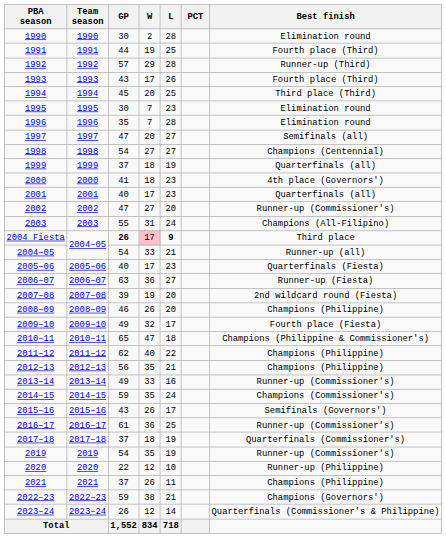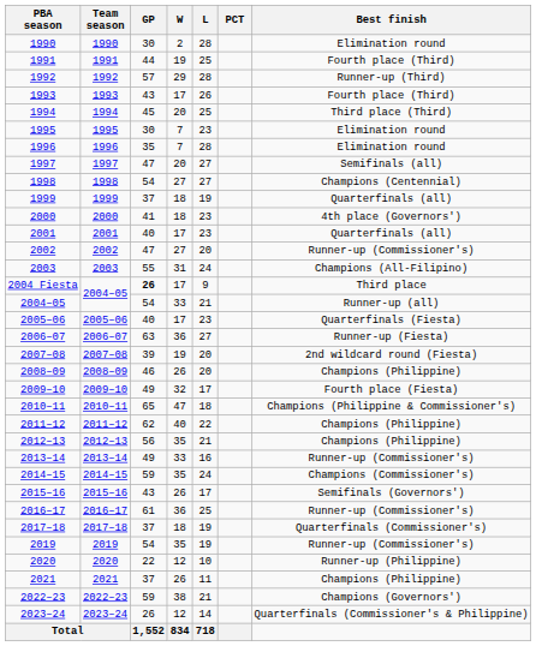 <table class=wikitable style="text-align:center;">
 <tr>
 <th>PBA <br>season</th>
 <th>Team<br>season</th>
 <th width=25>GP</th>
 <th width=25>W</th>
 <th width=25>L</th>
 <th width=35>PCT</th>
 <th>Best finish</th>
 </tr>
 <tr>
 <td><a href='#'>1990</a></td>
 <td><a href='#'>1990</a></td>
 <td>30</td>
 <td>2</td>
 <td>28</td>
 <td></td>
 <td>Elimination round</td>
 </tr>
 <tr>
 <td><a href='#'>1991</a></td>
 <td><a href='#'>1991</a></td>
 <td>44</td>
 <td>19</td>
 <td>25</td>
 <td></td>
 <td>Fourth place (Third)</td>
 </tr>
 <tr>
 <td><a href='#'>1992</a></td>
 <td><a href='#'>1992</a></td>
 <td>57</td>
 <td>29</td>
 <td>28</td>
 <td></td>
 <td>Runner-up (Third)</td>
 </tr>
 <tr>
 <td><a href='#'>1993</a></td>
 <td><a href='#'>1993</a></td>
 <td>43</td>
 <td>17</td>
 <td>26</td>
 <td></td>
 <td>Fourth place (Third)</td>
 </tr>
 <tr>
 <td><a href='#'>1994</a></td>
 <td><a href='#'>1994</a></td>
 <td>45</td>
 <td>20</td>
 <td>25</td>
 <td></td>
 <td>Third place (Third)</td>
 </tr>
 <tr>
 <td><a href='#'>1995</a></td>
 <td><a href='#'>1995</a></td>
 <td>30</td>
 <td>7</td>
 <td>23</td>
 <td></td>
 <td>Elimination round</td>
 </tr>
 <tr>
 <td><a href='#'>1996</a></td>
 <td><a href='#'>1996</a></td>
 <td>35</td>
 <td>7</td>
 <td>28</td>
 <td></td>
 <td>Elimination round</td>
 </tr>
 <tr>
 <td><a href='#'>1997</a></td>
 <td><a href='#'>1997</a></td>
 <td>47</td>
 <td>20</td>
 <td>27</td>
 <td></td>
 <td>Semifinals (all)</td>
 </tr>
 <tr>
 <td><a href='#'>1998</a></td>
 <td><a href='#'>1998</a></td>
 <td>54</td>
 <td>27</td>
 <td>27</td>
 <td></td>
 <td>Champions (Centennial)</td>
 </tr>
 <tr>
 <td><a href='#'>1999</a></td>
 <td><a href='#'>1999</a></td>
 <td>37</td>
 <td>18</td>
 <td>19</td>
 <td></td>
 <td>Quarterfinals (all)</td>
 </tr>
 <tr>
 <td><a href='#'>2000</a></td>
 <td><a href='#'>2000</a></td>
 <td>41</td>
 <td>18</td>
 <td>23</td>
 <td></td>
 <td>4th place (Governors')</td>
 </tr>
 <tr>
 <td><a href='#'>2001</a></td>
 <td><a href='#'>2001</a></td>
 <td>40</td>
 <td>17</td>
 <td>23</td>
 <td></td>
 <td>Quarterfinals (all)</td>
 </tr>
 <tr>
 <td><a href='#'>2002</a></td>
 <td><a href='#'>2002</a></td>
 <td>47</td>
 <td>27</td>
 <td>20</td>
 <td></td>
 <td>Runner-up (Commissioner's)</td>
 </tr>
 <tr>
 <td><a href='#'>2003</a></td>
 <td><a href='#'>2003</a></td>
 <td>55</td>
 <td>31</td>
 <td>24</td>
 <td></td>
 <td>Champions (All-Filipino)</td>
 </tr>
 <tr>
 <td><a href='#'>2004 Fiesta</a></td>
 <td rowspan=2><a href='#'>2004–05</a></td>
 <td><strong>26</strong></td>
-<td style="background: pink;">17</td>
-<td><strong>9</strong></td>
+<td>17</td>
+<td>9</td>
 <td></td>
 <td>Third place</td>
 </tr>
 <tr>
 <td><a href='#'>2004–05</a></td>
 <td>54</td>
 <td>33</td>
 <td>21</td>
 <td></td>
 <td>Runner-up (all)</td>
 </tr>
 <tr>
 <td><a href='#'>2005–06</a></td>
 <td><a href='#'>2005–06</a></td>
 <td>40</td>
 <td>17</td>
 <td>23</td>
 <td></td>
 <td>Quarterfinals (Fiesta)</td>
 </tr>
 <tr>
 <td><a href='#'>2006–07</a></td>
 <td><a href='#'>2006–07</a></td>
 <td>63</td>
 <td>36</td>
 <td>27</td>
 <td></td>
 <td>Runner-up (Fiesta)</td>
 </tr>
 <tr>
 <td><a href='#'>2007–08</a></td>
 <td><a href='#'>2007–08</a></td>
 <td>39</td>
 <td>19</td>
 <td>20</td>
 <td></td>
 <td>2nd wildcard round (Fiesta)</td>
 </tr>
 <tr>
 <td><a href='#'>2008–09</a></td>
 <td><a href='#'>2008–09</a></td>
 <td>46</td>
 <td>26</td>
 <td>20</td>
 <td></td>
 <td>Champions (Philippine)</td>
 </tr>
 <tr>
 <td><a href='#'>2009–10</a></td>
 <td><a href='#'>2009–10</a></td>
 <td>49</td>
 <td>32</td>
 <td>17</td>
 <td></td>
 <td>Fourth place (Fiesta)</td>
 </tr>
 <tr>
 <td><a href='#'>2010–11</a></td>
 <td><a href='#'>2010–11</a></td>
 <td>65</td>
 <td>47</td>
 <td>18</td>
 <td></td>
 <td>Champions (Philippine & Commissioner's)</td>
 </tr>
 <tr>
 <td><a href='#'>2011–12</a></td>
 <td><a href='#'>2011–12</a></td>
 <td>62</td>
 <td>40</td>
 <td>22</td>
 <td></td>
 <td>Champions (Philippine)</td>
 </tr>
 <tr>
 <td><a href='#'>2012–13</a></td>
 <td><a href='#'>2012–13</a></td>
 <td>56</td>
 <td>35</td>
 <td>21</td>
 <td></td>
 <td>Champions (Philippine)</td>
 </tr>
 <tr>
 <td><a href='#'>2013–14</a></td>
 <td><a href='#'>2013–14</a></td>
 <td>49</td>
 <td>33</td>
 <td>16</td>
 <td></td>
 <td>Runner-up (Commissioner's)</td>
 </tr>
 <tr>
 <td><a href='#'>2014–15</a></td>
 <td><a href='#'>2014–15</a></td>
 <td>59</td>
 <td>35</td>
 <td>24</td>
 <td></td>
 <td>Champions (Commissioner's)</td>
 </tr>
 <tr>
 <td><a href='#'>2015–16</a></td>
 <td><a href='#'>2015–16</a></td>
 <td>43</td>
 <td>26</td>
 <td>17</td>
 <td></td>
 <td>Semifinals (Governors')</td>
 </tr>
 <tr>
 <td><a href='#'>2016–17</a></td>
 <td><a href='#'>2016–17</a></td>
 <td>61</td>
 <td>36</td>
 <td>25</td>
 <td></td>
 <td>Runner-up (Commissioner's)</td>
 </tr>
 <tr>
 <td><a href='#'>2017–18</a></td>
 <td><a href='#'>2017–18</a></td>
 <td>37</td>
 <td>18</td>
 <td>19</td>
 <td></td>
 <td>Quarterfinals (Commissioner's)</td>
 </tr>
 <tr>
 <td><a href='#'>2019</a></td>
 <td><a href='#'>2019</a></td>
 <td>54</td>
 <td>35</td>
 <td>19</td>
 <td></td>
 <td>Runner-up (Commissioner's)</td>
 </tr>
 <tr>
 <td><a href='#'>2020</a></td>
 <td><a href='#'>2020</a></td>
 <td>22</td>
 <td>12</td>
 <td>10</td>
 <td></td>
 <td>Runner-up (Philippine)</td>
 </tr>
 <tr>
 <td><a href='#'>2021</a></td>
 <td><a href='#'>2021</a></td>
 <td>37</td>
 <td>26</td>
 <td>11</td>
 <td></td>
 <td>Champions (Philippine)</td>
 </tr>
 <tr>
 <td><a href='#'>2022–23</a></td>
 <td><a href='#'>2022–23</a></td>
 <td>59</td>
 <td>38</td>
 <td>21</td>
 <td></td>
 <td>Champions (Governors')</td>
 </tr>
 <tr>
 <td><a href='#'>2023–24</a></td>
 <td><a href='#'>2023–24</a></td>
 <td>26</td>
 <td>12</td>
 <td>14</td>
 <td></td>
 <td>Quarterfinals (Commissioner's & Philippine)</td>
 </tr>
 <tr>
 <th colspan=2>Total</th>
 <th>1,552</th>
 <th>834</th>
 <th>718</th>
 <th></th>
 </tr>
 </table>
